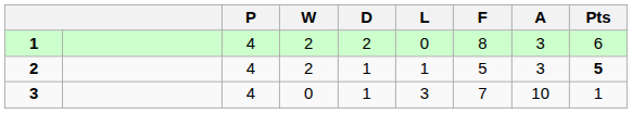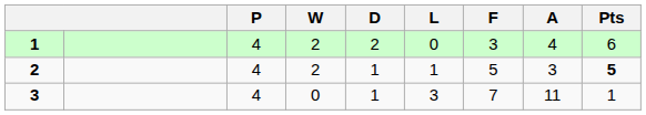 <table class="wikitable">
 <tr>
 <th colspan="2"></th>
 <th rowspan="1">P</th>
 <th rowspan="1">W</th>
 <th colspan="1">D</th>
 <th colspan="1">L</th>
 <th colspan="1">F</th>
 <th colspan="1">A</th>
 <th colspan="1">Pts</th>
 </tr>
 <tr style="background:#ccffcc;">
 <td align=center width="50"><strong>1</strong></td>
 <td width="150"><strong></strong></td>
 <td align=center width="50">4</td>
 <td align=center width="50">2</td>
 <td align=center width="50">2</td>
 <td align=center width="50">0</td>
-<td align=center width="50">8</td>
 <td align=center width="50">3</td>
+<td align=center width="50">4</td>
 <td align=center width="50">6</td>
 </tr>
 <tr>
 <td align=center><strong>2</strong></td>
 <td></td>
 <td align=center>4</td>
 <td align=center>2</td>
 <td align=center>1</td>
 <td align=center>1</td>
 <td align=center>5</td>
 <td align=center>3</td>
 <td align=center><strong>5</strong></td>
 </tr>
 <tr>
 <td align=center><strong>3</strong></td>
 <td></td>
 <td align=center>4</td>
 <td align=center>0</td>
 <td align=center>1</td>
 <td align=center>3</td>
 <td align=center>7</td>
-<td align=center>10</td>
+<td align=center>11</td>
 <td align=center>1</td>
 </tr>
 </table>
